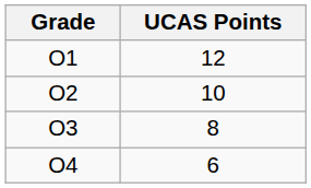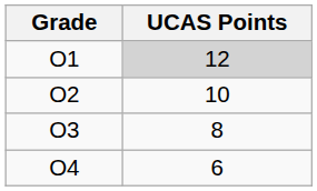 <table class="wikitable" border="1" style="text-align:center; margin-left:1em;">
 <tr>
 <th width="75">Grade</th>
 <th width="125">UCAS Points</th>
 </tr>
 <tr>
 <td align="center">O1</td>
-<td>12</td>
+<td style="background: lightgrey;">12</td>
 </tr>
 <tr>
 <td align="center">O2</td>
 <td>10</td>
 </tr>
 <tr>
 <td align="center">O3</td>
 <td>8</td>
 </tr>
 <tr>
 <td align="center">O4</td>
 <td>6</td>
 </tr>
 </table>
